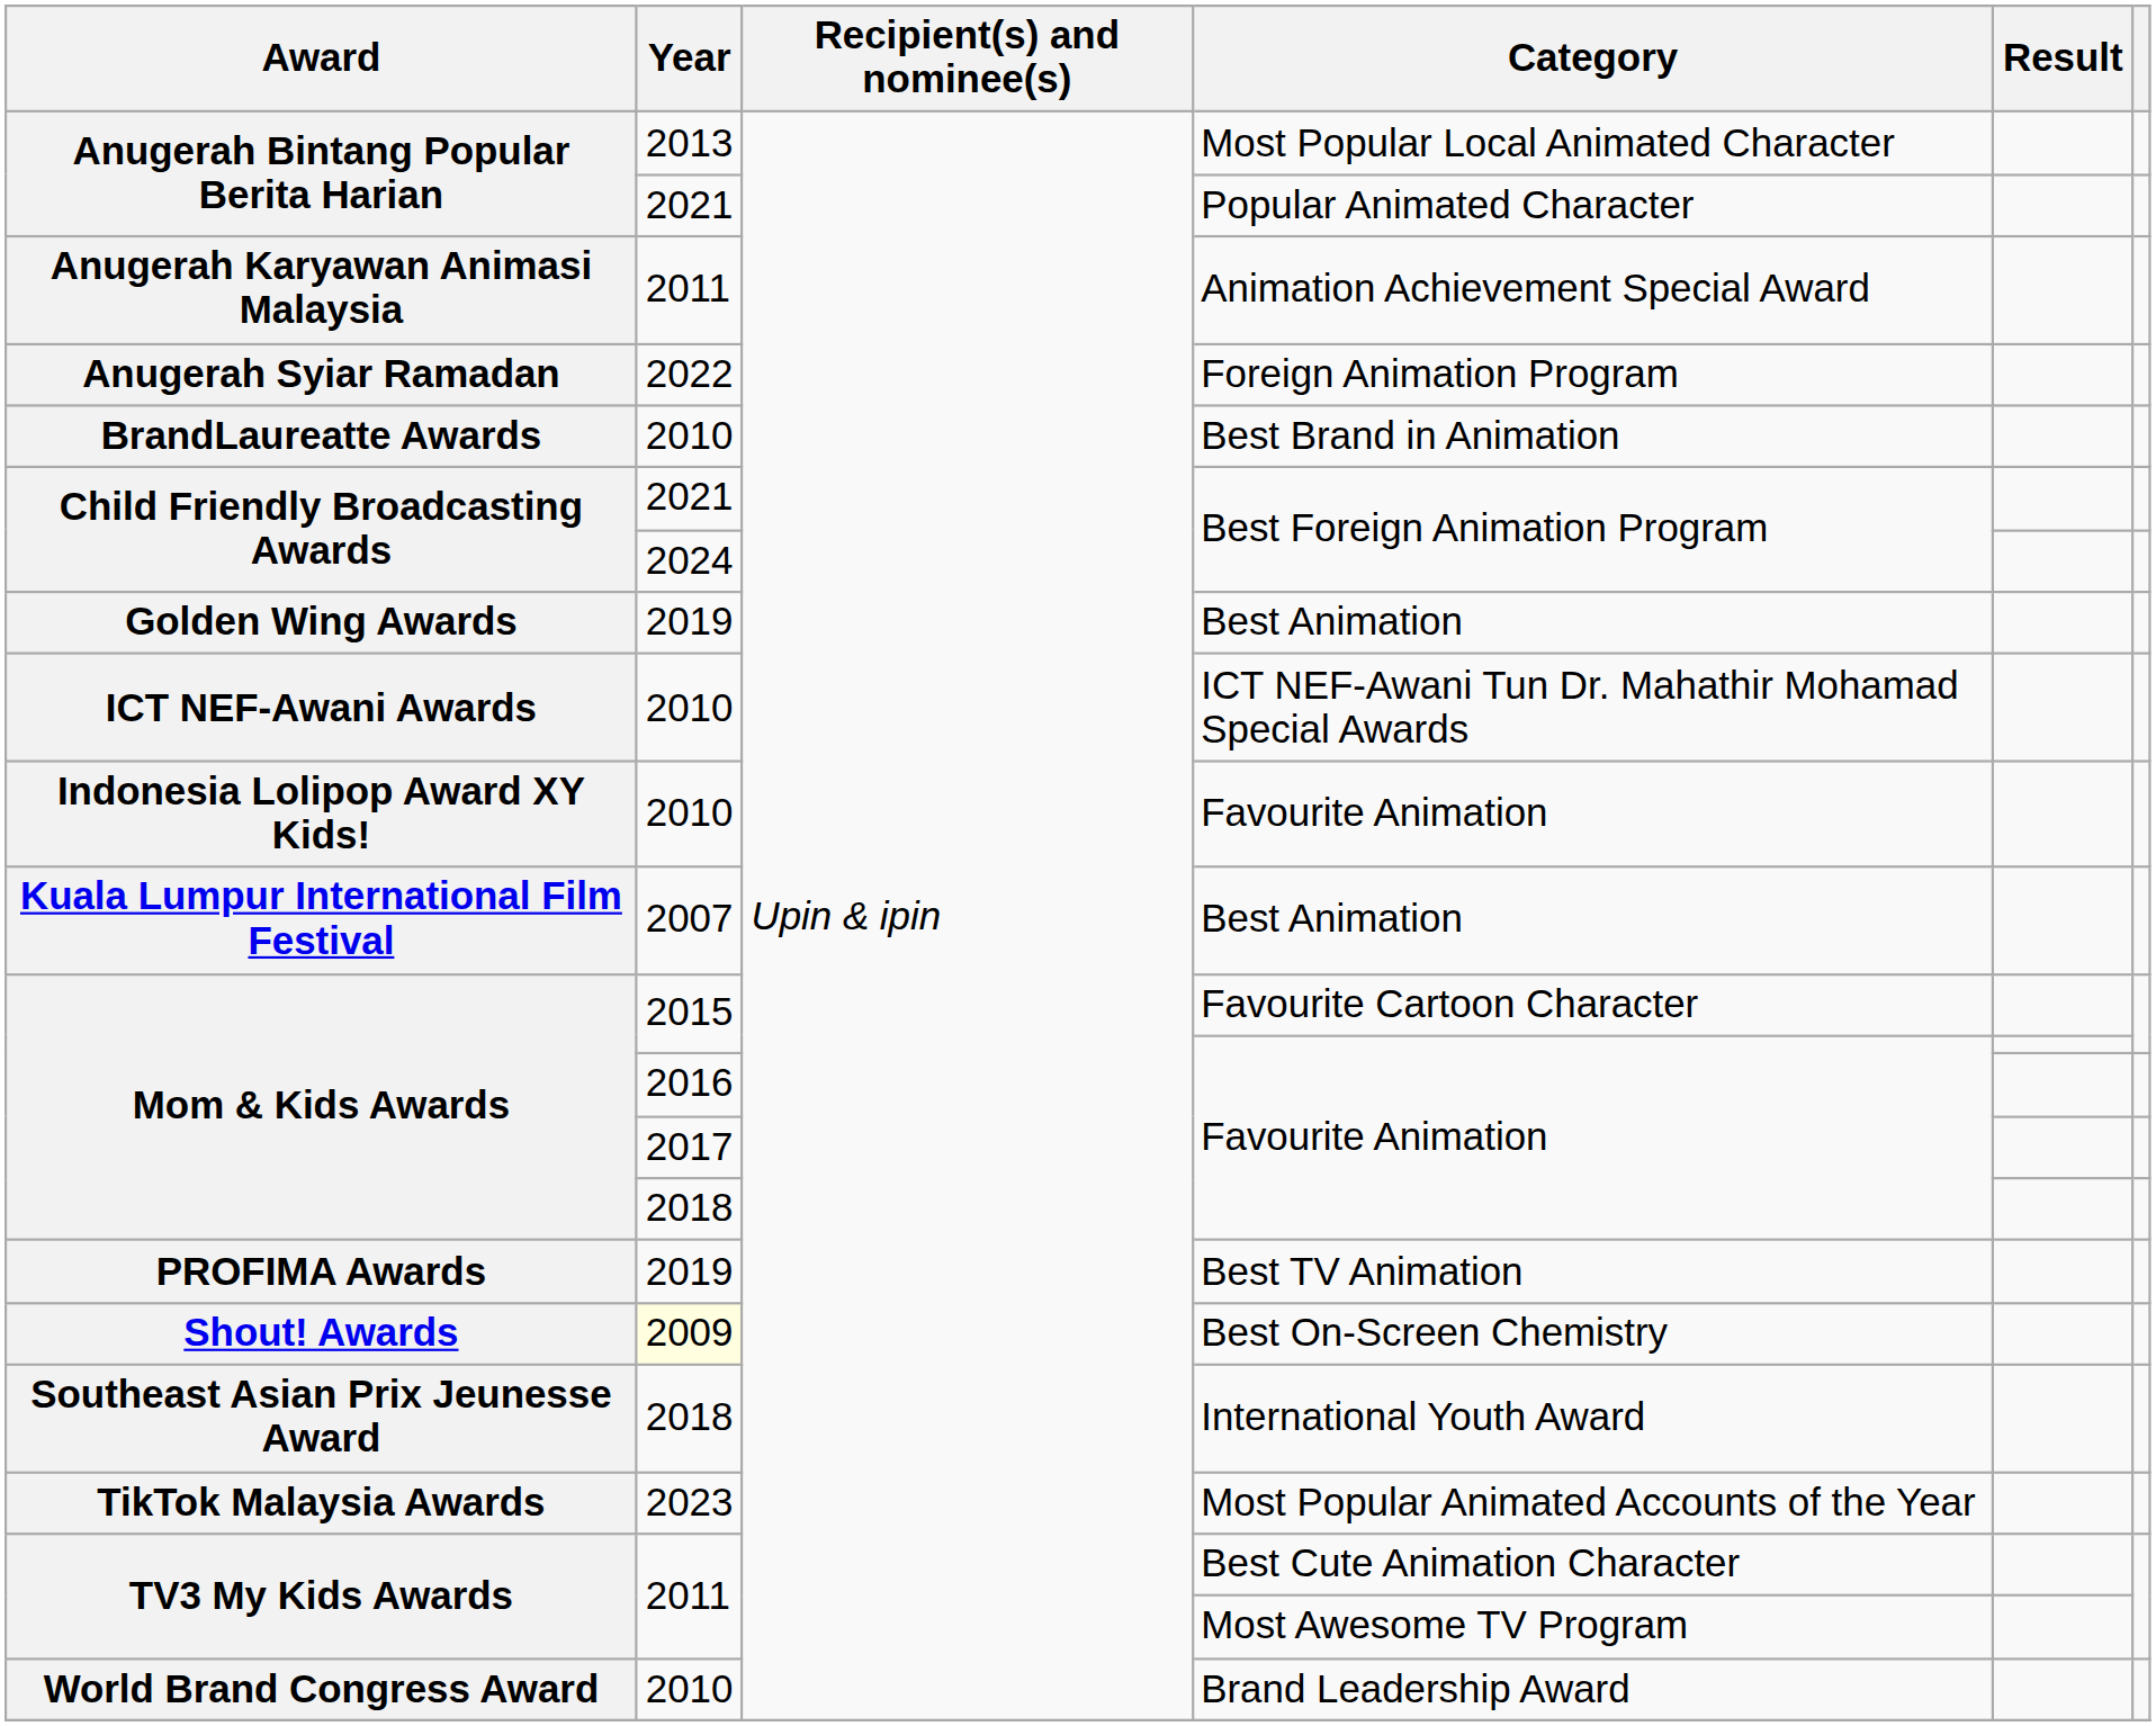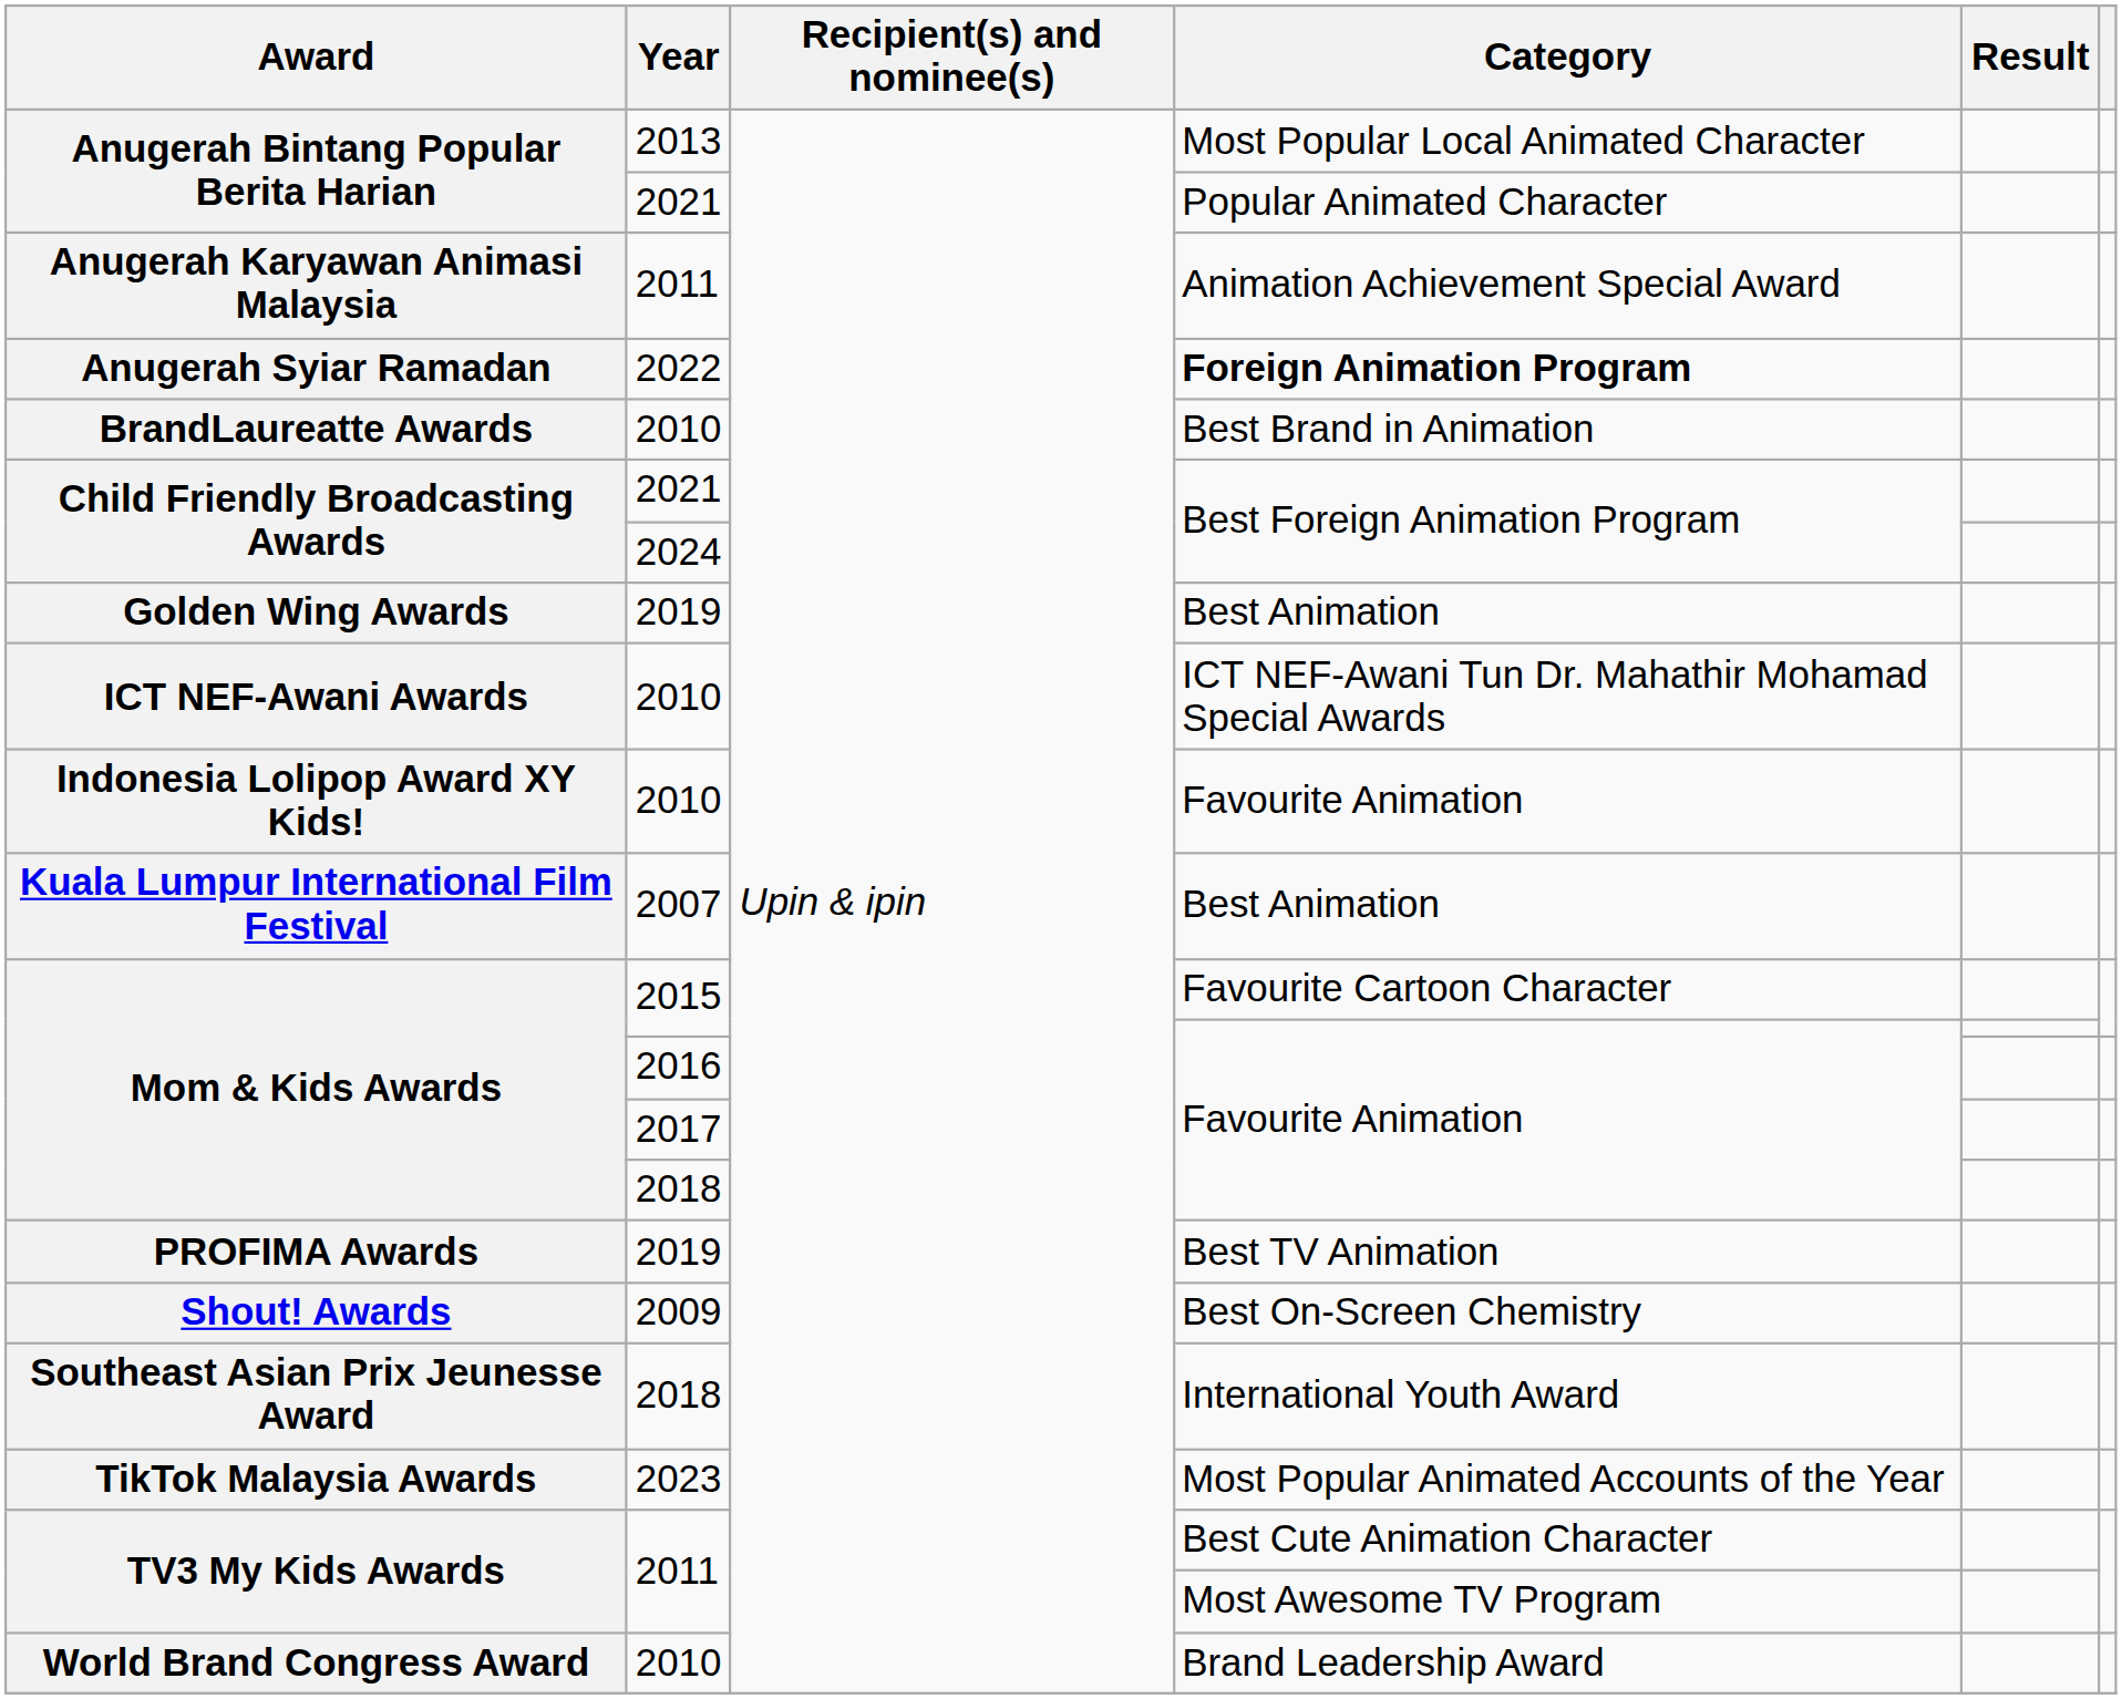 <table class="wikitable plainrowheaders sortable" style="width:99%;">
 <tr style="background:#CCCCCC; text-align:center;">
 <th scope="col">Award</th>
 <th scope="col">Year</th>
 <th scope="col">Recipient(s) and nominee(s)</th>
 <th scope="col">Category</th>
 <th scope="col">Result</th>
 <th scope="col" class="unsortable"></th>
 </tr>
 <tr>
 <th scope="row" rowspan="2">Anugerah Bintang Popular Berita Harian</th>
 <td>2013</td>
 <td data-sort-value="Upin & Ipin" rowspan="23"><em>Upin & ipin</em></td>
 <td>Most Popular Local Animated Character</td>
 <td></td>
 <td style="text-align:center;"></td>
 </tr>
 <tr>
 <td>2021</td>
 <td>Popular Animated Character</td>
 <td></td>
 <td style="text-align:center;"></td>
 </tr>
 <tr>
 <th scope="row" rowspan="1">Anugerah Karyawan Animasi Malaysia</th>
 <td>2011</td>
 <td>Animation Achievement Special Award</td>
 <td></td>
 <td style="text-align:center;"></td>
 </tr>
 <tr>
 <th scope="row" rowspan="1">Anugerah Syiar Ramadan</th>
 <td>2022</td>
-<td>Foreign Animation Program</td>
+<td><strong>Foreign Animation Program</strong></td>
 <td></td>
 <td style="text-align:center;"></td>
 </tr>
 <tr>
 <th scope="row" rowspan="1">BrandLaureatte Awards</th>
 <td>2010</td>
 <td>Best Brand in Animation</td>
 <td></td>
 <td style="text-align:center;"></td>
 </tr>
 <tr>
 <th scope="row" rowspan="2">Child Friendly Broadcasting Awards</th>
 <td>2021</td>
 <td rowspan="2">Best Foreign Animation Program</td>
 <td></td>
 <td style="text-align:center;"></td>
 </tr>
 <tr>
 <td>2024</td>
 <td></td>
 <td style="text-align:center;"></td>
 </tr>
 <tr>
 <th scope="row" rowspan="1">Golden Wing Awards</th>
 <td>2019</td>
 <td>Best Animation</td>
 <td></td>
 <td style="text-align:center;"></td>
 </tr>
 <tr>
 <th scope="row" rowspan="1">ICT NEF-Awani Awards</th>
 <td>2010</td>
 <td>ICT NEF-Awani Tun Dr. Mahathir Mohamad Special Awards</td>
 <td></td>
 <td style="text-align:center;"></td>
 </tr>
 <tr>
 <th scope="row" rowspan="1">Indonesia Lolipop Award XY Kids!</th>
 <td>2010</td>
 <td>Favourite Animation</td>
 <td></td>
 <td style="text-align:center;"></td>
 </tr>
 <tr>
 <th scope="row" rowspan="1"><a href='#'>Kuala Lumpur International Film Festival</a></th>
 <td>2007</td>
 <td>Best Animation</td>
 <td></td>
 <td style="text-align:center;"></td>
 </tr>
 <tr>
 <th scope="row" rowspan="5">Mom & Kids Awards</th>
 <td rowspan="2">2015</td>
 <td>Favourite Cartoon Character</td>
 <td></td>
 <td rowspan="2" style="text-align:center;"></td>
 </tr>
 <tr>
 <td rowspan="4">Favourite Animation</td>
 <td></td>
 </tr>
 <tr>
 <td>2016</td>
 <td></td>
 <td style="text-align:center;"></td>
 </tr>
 <tr>
 <td>2017</td>
 <td></td>
 <td style="text-align:center;"></td>
 </tr>
 <tr>
 <td>2018</td>
 <td></td>
 <td style="text-align:center;"></td>
 </tr>
 <tr>
 <th scope="row" rowspan="1">PROFIMA Awards</th>
 <td>2019</td>
 <td>Best TV Animation</td>
 <td></td>
 <td style="text-align:center;"></td>
 </tr>
 <tr>
 <th scope="row" rowspan="1"><a href='#'>Shout! Awards</a></th>
-<td style="background: lightyellow;">2009</td>
+<td>2009</td>
 <td>Best On-Screen Chemistry</td>
 <td></td>
 <td style="text-align:center;"></td>
 </tr>
 <tr>
 <th scope="row" rowspan="1">Southeast Asian Prix Jeunesse Award</th>
 <td>2018</td>
 <td>International Youth Award</td>
 <td></td>
 <td style="text-align:center;"></td>
 </tr>
 <tr>
 <th scope="row" rowspan="1">TikTok Malaysia Awards</th>
 <td>2023</td>
 <td>Most Popular Animated Accounts of the Year</td>
 <td></td>
 <td style="text-align:center;"></td>
 </tr>
 <tr>
 <th scope="row" rowspan="2">TV3 My Kids Awards</th>
 <td rowspan="2">2011</td>
 <td>Best Cute Animation Character</td>
 <td></td>
 <td rowspan="2" style="text-align:center;"></td>
 </tr>
 <tr>
 <td>Most Awesome TV Program</td>
 <td></td>
 </tr>
 <tr>
 <th scope="row" rowspan="1">World Brand Congress Award</th>
 <td>2010</td>
 <td>Brand Leadership Award</td>
 <td></td>
 <td style="text-align:center;"></td>
 </tr>
 <tr>
 </tr>
 </table>
